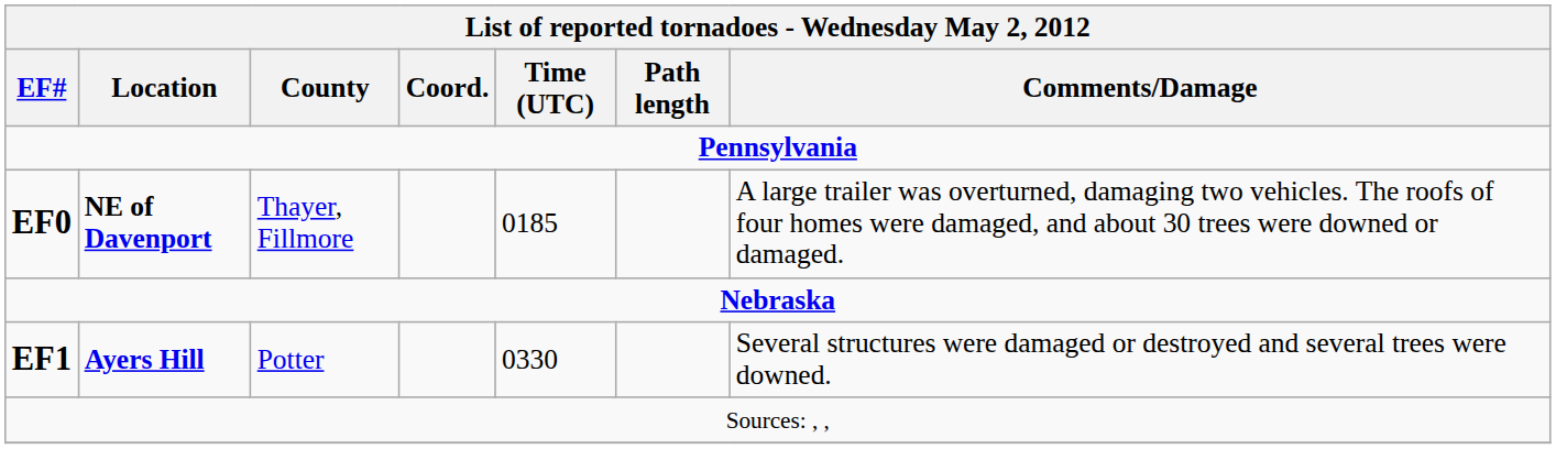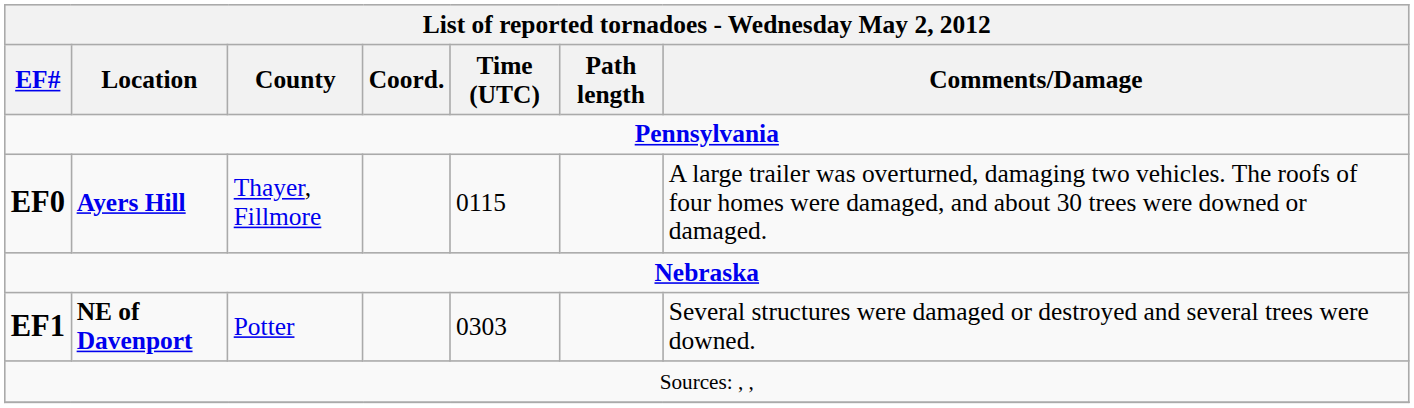 <table class="wikitable collapsible" width="100%">
 <tr>
 <th colspan="7">List of reported tornadoes - Wednesday May 2, 2012</th>
 </tr>
 <tr>
 <th><a href='#'>EF#</a></th>
 <th>Location</th>
 <th>County</th>
 <th>Coord.</th>
 <th>Time (UTC)</th>
 <th>Path length</th>
 <th>Comments/Damage</th>
 </tr>
 <tr>
 <td colspan="7" align=center><strong><a href='#'>Pennsylvania</a></strong></td>
 </tr>
 <tr>
 <td><big><strong>EF0</strong></big></td>
-<td><strong>NE of <a href='#'>Davenport</a></strong></td>
+<td><strong><a href='#'>Ayers Hill</a></strong></td>
 <td><a href='#'>Thayer</a>, <a href='#'>Fillmore</a></td>
 <td></td>
-<td>0185</td>
+<td>0115</td>
 <td></td>
 <td>A large trailer was overturned, damaging two vehicles. The roofs of four homes were damaged, and about 30 trees were downed or damaged.</td>
 </tr>
 <tr>
 <td colspan="7" align=center><strong><a href='#'>Nebraska</a></strong></td>
 </tr>
 <tr>
 <td><big><strong>EF1</strong></big></td>
-<td><strong><a href='#'>Ayers Hill</a></strong></td>
+<td><strong>NE of <a href='#'>Davenport</a></strong></td>
 <td><a href='#'>Potter</a></td>
 <td></td>
-<td>0330</td>
+<td>0303</td>
 <td></td>
 <td>Several structures were damaged or destroyed and several trees were downed.</td>
 </tr>
 <tr>
 <td colspan="7" align=center><small>Sources: , , </small></td>
 </tr>
 <tr>
 </tr>
 </table>
